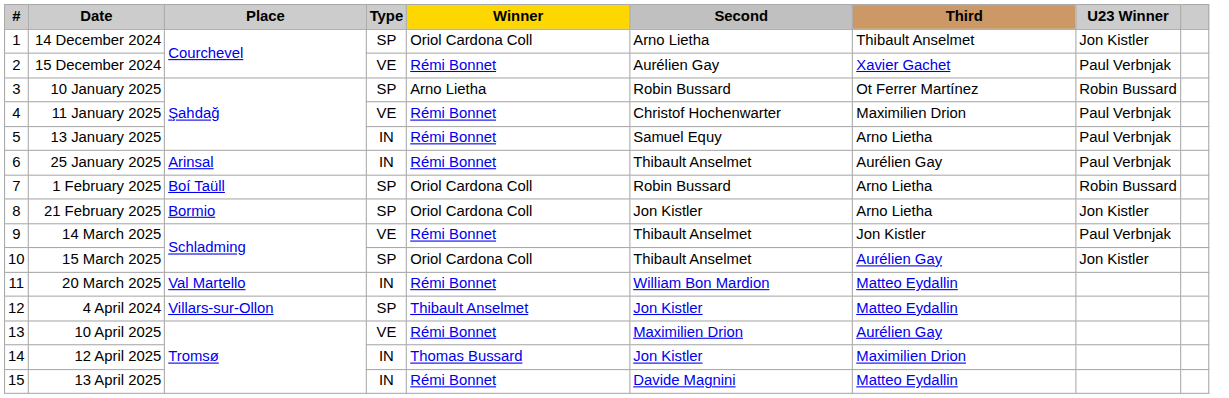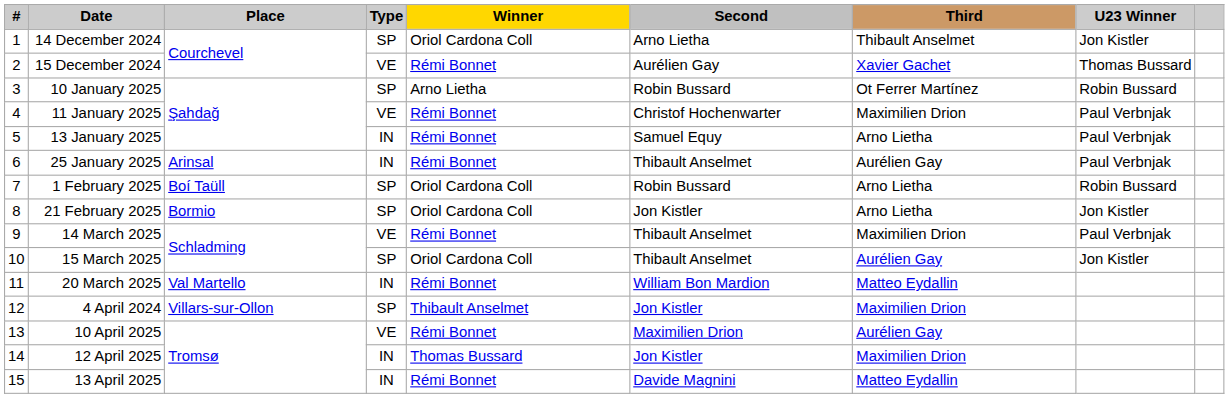 <table class="wikitable plainrowheaders" style="background:#fff; font-size:86%; line-height:16px; border:grey solid 1px; border-collapse:collapse;">
 <tr>
 <th scope="col" style="background:#ccc; width=30 px;">#</th>
 <th scope="col" style="background:#ccc; width:120px;">Date</th>
 <th scope="col" style="background:#ccc; width:180px;">Place</th>
 <th scope="col" style="background:#ccc;">Type</th>
 <th scope="col" style="background:gold; width:200px;">Winner</th>
 <th scope="col" style="background:silver; width:200px;">Second</th>
 <th scope="col" style="background:#c96; width:200px;">Third</th>
 <th scope="col" style="background:#ccc;">U23 Winner</th>
 <th scope="col" style="background:#ccc; width:20px;"></th>
 </tr>
 <tr>
 <td align="center">1</td>
 <td align="right">14 December 2024</td>
 <td rowspan="2"> <a href='#'>Courchevel</a></td>
 <td align="center">SP</td>
 <td> Oriol Cardona Coll</td>
 <td> Arno Lietha</td>
 <td> Thibault Anselmet</td>
 <td> Jon Kistler</td>
 <td></td>
 </tr>
 <tr>
 <td align="center">2</td>
 <td align="right">15 December 2024</td>
 <td align="center">VE</td>
 <td> <a href='#'>Rémi Bonnet</a></td>
 <td> Aurélien Gay</td>
 <td> <a href='#'>Xavier Gachet</a></td>
-<td> Paul Verbnjak</td>
+<td> Thomas Bussard</td>
 <td></td>
 </tr>
 <tr>
 <td align="center">3</td>
 <td align="right">10 January 2025</td>
 <td rowspan="3"> <a href='#'>Şahdağ</a></td>
 <td align="center">SP</td>
 <td> Arno Lietha</td>
 <td> Robin Bussard</td>
 <td> Ot Ferrer Martínez</td>
 <td> Robin Bussard</td>
 <td></td>
 </tr>
 <tr>
 <td align="center">4</td>
 <td align="right">11 January 2025</td>
 <td align="center">VE</td>
 <td> <a href='#'>Rémi Bonnet</a></td>
 <td> Christof Hochenwarter</td>
 <td> Maximilien Drion</td>
 <td> Paul Verbnjak</td>
 <td></td>
 </tr>
 <tr>
 <td align="center">5</td>
 <td align="right">13 January 2025</td>
 <td align="center">IN</td>
 <td> <a href='#'>Rémi Bonnet</a></td>
 <td> Samuel Equy</td>
 <td> Arno Lietha</td>
 <td> Paul Verbnjak</td>
 <td></td>
 </tr>
 <tr>
 <td align="center">6</td>
 <td align="right">25 January 2025</td>
 <td> <a href='#'>Arinsal</a></td>
 <td align="center">IN</td>
 <td> <a href='#'>Rémi Bonnet</a></td>
 <td> Thibault Anselmet</td>
 <td> Aurélien Gay</td>
 <td> Paul Verbnjak</td>
 <td></td>
 </tr>
 <tr>
 <td align="center">7</td>
 <td align="right">1 February 2025</td>
 <td> <a href='#'>Boí Taüll</a></td>
 <td align="center">SP</td>
 <td> Oriol Cardona Coll</td>
 <td> Robin Bussard</td>
 <td> Arno Lietha</td>
 <td> Robin Bussard</td>
 <td></td>
 </tr>
 <tr>
 <td align="center">8</td>
 <td align="right">21 February 2025</td>
 <td> <a href='#'>Bormio</a></td>
 <td align="center">SP</td>
 <td> Oriol Cardona Coll</td>
 <td> Jon Kistler</td>
 <td> Arno Lietha</td>
 <td> Jon Kistler</td>
 <td></td>
 </tr>
 <tr>
 <td align="center">9</td>
 <td align="right">14 March 2025</td>
 <td rowspan="2"> <a href='#'>Schladming</a></td>
 <td align="center">VE</td>
 <td> <a href='#'>Rémi Bonnet</a></td>
 <td> Thibault Anselmet</td>
-<td> Jon Kistler</td>
+<td> Maximilien Drion</td>
 <td> Paul Verbnjak</td>
 <td></td>
 </tr>
 <tr>
 <td align="center">10</td>
 <td align="right">15 March 2025</td>
 <td align="center">SP</td>
 <td> Oriol Cardona Coll</td>
 <td> Thibault Anselmet</td>
 <td> <a href='#'>Aurélien Gay</a></td>
 <td> Jon Kistler</td>
 <td></td>
 </tr>
 <tr>
 <td align="center">11</td>
 <td align="right">20 March 2025</td>
 <td> <a href='#'>Val Martello</a></td>
 <td align="center">IN</td>
 <td> <a href='#'>Rémi Bonnet</a></td>
 <td> <a href='#'>William Bon Mardion</a></td>
 <td> <a href='#'>Matteo Eydallin</a></td>
 <td></td>
 <td></td>
 </tr>
 <tr>
 <td align="center">12</td>
 <td align="right">4 April 2024</td>
 <td> <a href='#'>Villars-sur-Ollon</a></td>
 <td align="center">SP</td>
 <td> <a href='#'>Thibault Anselmet</a></td>
 <td> <a href='#'>Jon Kistler</a></td>
-<td> <a href='#'>Matteo Eydallin</a></td>
+<td> <a href='#'>Maximilien Drion</a></td>
 <td></td>
 <td></td>
 </tr>
 <tr>
 <td align="center">13</td>
 <td align="right">10 April 2025</td>
 <td rowspan="3"> <a href='#'>Tromsø</a></td>
 <td align="center">VE</td>
 <td> <a href='#'>Rémi Bonnet</a></td>
 <td> <a href='#'>Maximilien Drion</a></td>
 <td> <a href='#'>Aurélien Gay</a></td>
 <td></td>
 <td></td>
 </tr>
 <tr>
 <td align="center">14</td>
 <td align="right">12 April 2025</td>
 <td align="center">IN</td>
 <td> <a href='#'>Thomas Bussard</a></td>
 <td> <a href='#'>Jon Kistler</a></td>
 <td> <a href='#'>Maximilien Drion</a></td>
 <td></td>
 <td></td>
 </tr>
 <tr>
 <td align="center">15</td>
 <td align="right">13 April 2025</td>
 <td align="center">IN</td>
 <td> <a href='#'>Rémi Bonnet</a></td>
 <td> <a href='#'>Davide Magnini</a></td>
 <td> <a href='#'>Matteo Eydallin</a></td>
 <td></td>
 <td></td>
 </tr>
 </table>
